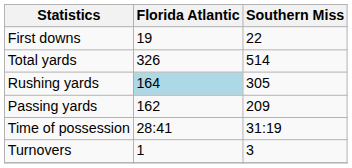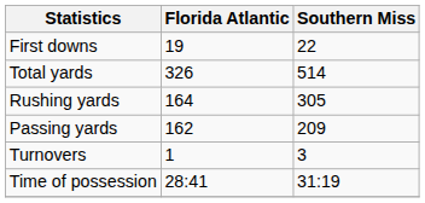 <table class="wikitable">
 <tr>
 <th>Statistics</th>
 <th>Florida Atlantic</th>
 <th>Southern Miss</th>
 </tr>
 <tr>
 <td>First downs</td>
 <td>19</td>
 <td>22</td>
 </tr>
 <tr>
 <td>Total yards</td>
 <td>326</td>
 <td>514</td>
 </tr>
 <tr>
 <td>Rushing yards</td>
-<td style="background: lightblue;">164</td>
+<td>164</td>
 <td>305</td>
 </tr>
 <tr>
 <td>Passing yards</td>
 <td>162</td>
 <td>209</td>
 </tr>
 <tr>
+<td>Turnovers</td>
+<td>1</td>
+<td>3</td>
+</tr>
+<tr>
 <td>Time of possession</td>
 <td>28:41</td>
 <td>31:19</td>
 </tr>
 <tr>
-<td>Turnovers</td>
-<td>1</td>
-<td>3</td>
-</tr>
-<tr>
 </tr>
 </table>
